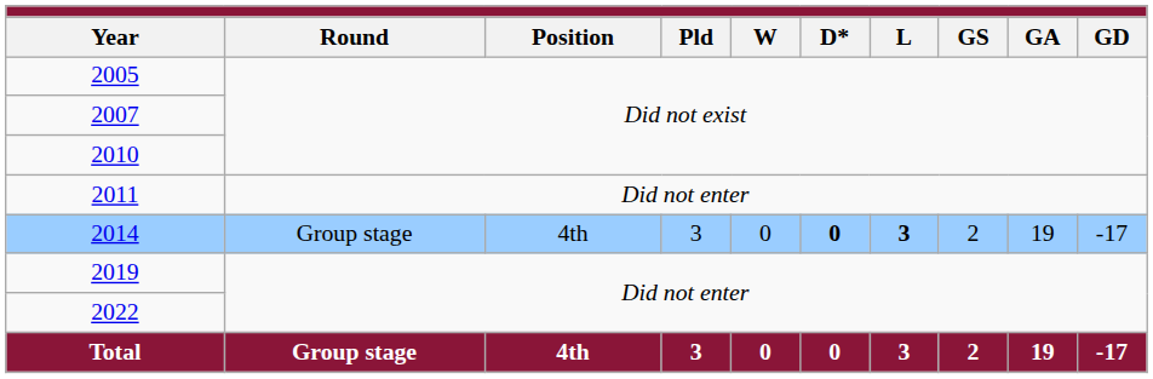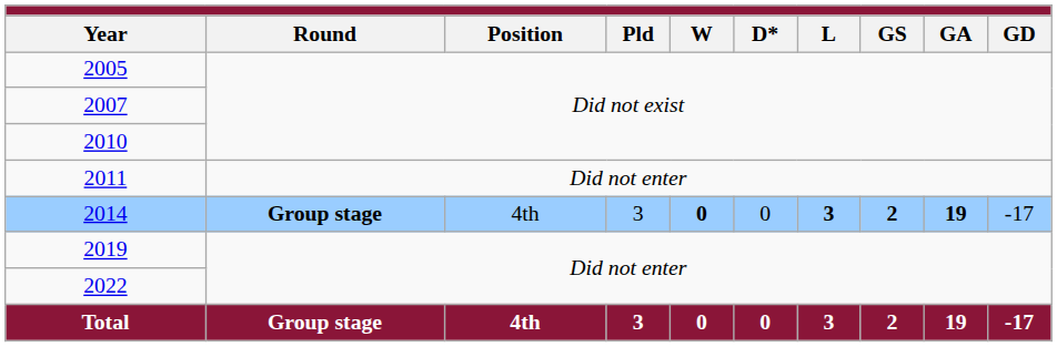 <table class="wikitable" style="text-align: center;font-size:90%;">
 <tr>
 <th colspan="10" style="background: #8A1538; color: #FFFFFF;"><a href='#'></a></th>
 </tr>
 <tr>
 <th width=125>Year</th>
 <th width=150>Round</th>
 <th width=100>Position</th>
 <th width=35>Pld</th>
 <th width=35>W</th>
 <th width=35>D*</th>
 <th width=35>L</th>
 <th width=35>GS</th>
 <th width=35>GA</th>
 <th width=35>GD</th>
 </tr>
 <tr>
 <td> <a href='#'>2005</a></td>
 <td colspan=9 rowspan=3><em>Did not exist</em></td>
 </tr>
 <tr>
 <td> <a href='#'>2007</a></td>
 </tr>
 <tr>
 <td> <a href='#'>2010</a></td>
 </tr>
 <tr>
 <td> <a href='#'>2011</a></td>
 <td colspan=9><em>Did not enter</em></td>
 </tr>
 <tr style="background:#9acdff;">
 <td> <a href='#'>2014</a></td>
-<td>Group stage</td>
+<td><strong>Group stage</strong></td>
 <td>4th</td>
 <td>3</td>
+<td><strong>0</strong></td>
 <td>0</td>
-<td><strong>0</strong></td>
 <td><strong>3</strong></td>
-<td>2</td>
-<td>19</td>
+<td><strong>2</strong></td>
+<td><strong>19</strong></td>
 <td>-17</td>
 </tr>
 <tr>
 <td> <a href='#'>2019</a></td>
 <td colspan=9 rowspan=2><em>Did not enter</em></td>
 </tr>
 <tr>
 <td> <a href='#'>2022</a></td>
 </tr>
 <tr>
 <td colspan=1 style="background: #8A1538; color: #FFFFFF;"><strong>Total</strong></td>
 <td style="background: #8A1538; color: #FFFFFF;"><strong>Group stage</strong></td>
 <td style="background: #8A1538; color: #FFFFFF;"><strong>4th</strong></td>
 <td style="background: #8A1538; color: #FFFFFF;"><strong>3</strong></td>
 <td style="background: #8A1538; color: #FFFFFF;"><strong>0</strong></td>
 <td style="background: #8A1538; color: #FFFFFF;"><strong>0</strong></td>
 <td style="background: #8A1538; color: #FFFFFF;"><strong>3</strong></td>
 <td style="background: #8A1538; color: #FFFFFF;"><strong>2</strong></td>
 <td style="background: #8A1538; color: #FFFFFF;"><strong>19</strong></td>
 <td style="background: #8A1538; color: #FFFFFF;"><strong>-17</strong></td>
 </tr>
 </table>
